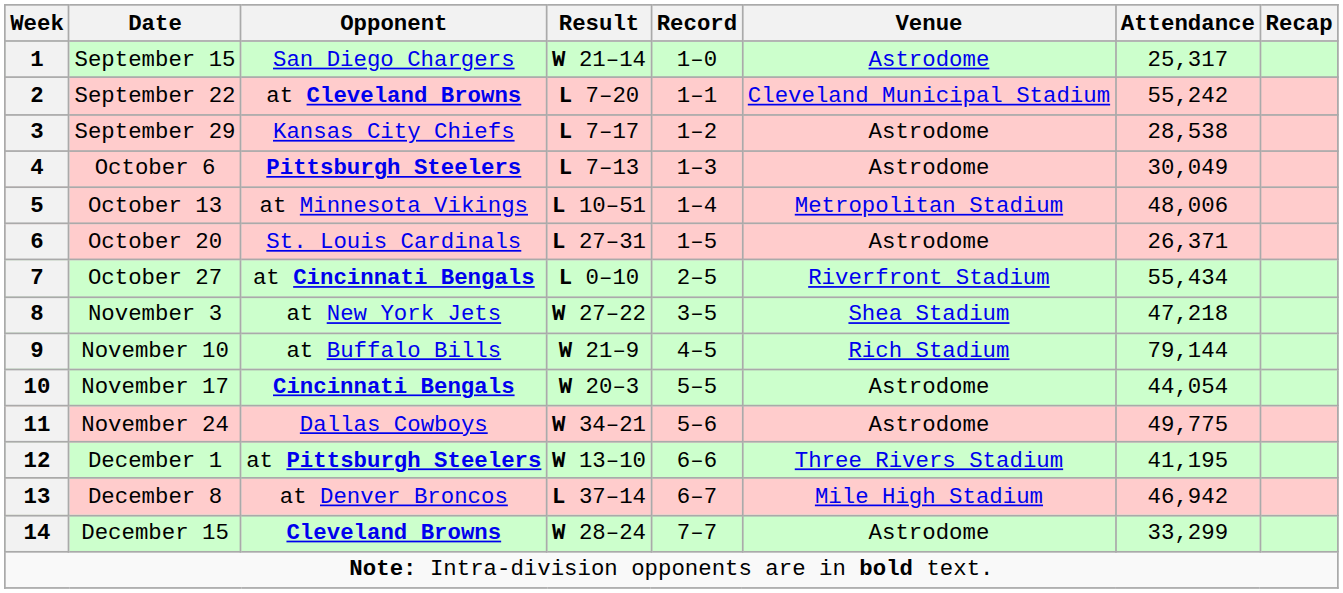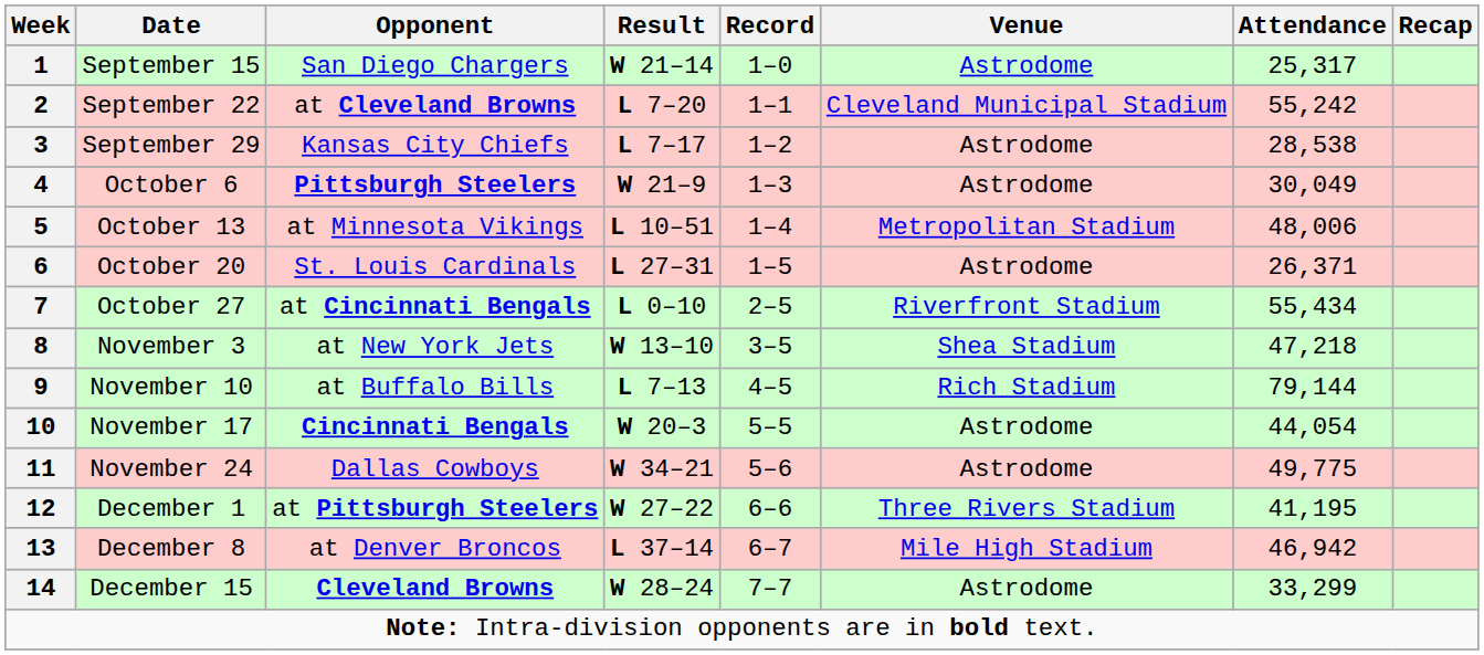 <table class="wikitable" style="text-align:center">
 <tr>
 <th>Week</th>
 <th>Date</th>
 <th>Opponent</th>
 <th>Result</th>
 <th>Record</th>
 <th>Venue</th>
 <th>Attendance</th>
 <th>Recap</th>
 </tr>
 <tr style="background:#cfc">
 <th>1</th>
 <td>September 15</td>
 <td><a href='#'>San Diego Chargers</a></td>
 <td><strong>W</strong> 21–14</td>
 <td>1–0</td>
 <td><a href='#'>Astrodome</a></td>
 <td>25,317</td>
 <td></td>
 </tr>
 <tr style="background:#fcc">
 <th>2</th>
 <td>September 22</td>
 <td>at <strong><a href='#'>Cleveland Browns</a></strong></td>
 <td><strong>L</strong> 7–20</td>
 <td>1–1</td>
 <td><a href='#'>Cleveland Municipal Stadium</a></td>
 <td>55,242</td>
 <td></td>
 </tr>
 <tr style="background:#fcc">
 <th>3</th>
 <td>September 29</td>
 <td><a href='#'>Kansas City Chiefs</a></td>
 <td><strong>L</strong> 7–17</td>
 <td>1–2</td>
 <td>Astrodome</td>
 <td>28,538</td>
 <td></td>
 </tr>
 <tr style="background:#fcc">
 <th>4</th>
 <td>October 6</td>
 <td><strong><a href='#'>Pittsburgh Steelers</a></strong></td>
-<td><strong>L</strong> 7–13</td>
+<td><strong>W</strong> 21–9</td>
 <td>1–3</td>
 <td>Astrodome</td>
 <td>30,049</td>
 <td></td>
 </tr>
 <tr style="background:#fcc">
 <th>5</th>
 <td>October 13</td>
 <td>at <a href='#'>Minnesota Vikings</a></td>
 <td><strong>L</strong> 10–51</td>
 <td>1–4</td>
 <td><a href='#'>Metropolitan Stadium</a></td>
 <td>48,006</td>
 <td></td>
 </tr>
 <tr style="background:#fcc">
 <th>6</th>
 <td>October 20</td>
 <td><a href='#'>St. Louis Cardinals</a></td>
 <td><strong>L</strong> 27–31</td>
 <td>1–5</td>
 <td>Astrodome</td>
 <td>26,371</td>
 <td></td>
 </tr>
 <tr style="background:#cfc">
 <th>7</th>
 <td>October 27</td>
 <td>at <strong><a href='#'>Cincinnati Bengals</a></strong></td>
 <td><strong>L</strong> 0–10</td>
 <td>2–5</td>
 <td><a href='#'>Riverfront Stadium</a></td>
 <td>55,434</td>
 <td></td>
 </tr>
 <tr style="background:#cfc">
 <th>8</th>
 <td>November 3</td>
 <td>at <a href='#'>New York Jets</a></td>
-<td><strong>W</strong> 27–22</td>
+<td><strong>W</strong> 13–10</td>
 <td>3–5</td>
 <td><a href='#'>Shea Stadium</a></td>
 <td>47,218</td>
 <td></td>
 </tr>
 <tr style="background:#cfc">
 <th>9</th>
 <td>November 10</td>
 <td>at <a href='#'>Buffalo Bills</a></td>
-<td><strong>W</strong> 21–9</td>
+<td><strong>L</strong> 7–13</td>
 <td>4–5</td>
 <td><a href='#'>Rich Stadium</a></td>
 <td>79,144</td>
 <td></td>
 </tr>
 <tr style="background:#cfc">
 <th>10</th>
 <td>November 17</td>
 <td><strong><a href='#'>Cincinnati Bengals</a></strong></td>
 <td><strong>W</strong> 20–3</td>
 <td>5–5</td>
 <td>Astrodome</td>
 <td>44,054</td>
 <td></td>
 </tr>
 <tr style="background:#fcc">
 <th>11</th>
 <td>November 24</td>
 <td><a href='#'>Dallas Cowboys</a></td>
 <td><strong>W</strong> 34–21</td>
 <td>5–6</td>
 <td>Astrodome</td>
 <td>49,775</td>
 <td></td>
 </tr>
 <tr style="background:#cfc">
 <th>12</th>
 <td>December 1</td>
 <td>at <strong><a href='#'>Pittsburgh Steelers</a></strong></td>
-<td><strong>W</strong> 13–10</td>
+<td><strong>W</strong> 27–22</td>
 <td>6–6</td>
 <td><a href='#'>Three Rivers Stadium</a></td>
 <td>41,195</td>
 <td></td>
 </tr>
 <tr style="background:#fcc">
 <th>13</th>
 <td>December 8</td>
 <td>at <a href='#'>Denver Broncos</a></td>
 <td><strong>L</strong> 37–14</td>
 <td>6–7</td>
 <td><a href='#'>Mile High Stadium</a></td>
 <td>46,942</td>
 <td></td>
 </tr>
 <tr style="background:#cfc">
 <th>14</th>
 <td>December 15</td>
 <td><strong><a href='#'>Cleveland Browns</a></strong></td>
 <td><strong>W</strong> 28–24</td>
 <td>7–7</td>
 <td>Astrodome</td>
 <td>33,299</td>
 <td></td>
 </tr>
 <tr>
 <td colspan="8"><strong>Note:</strong> Intra-division opponents are in <strong>bold</strong> text.</td>
 </tr>
 </table>
